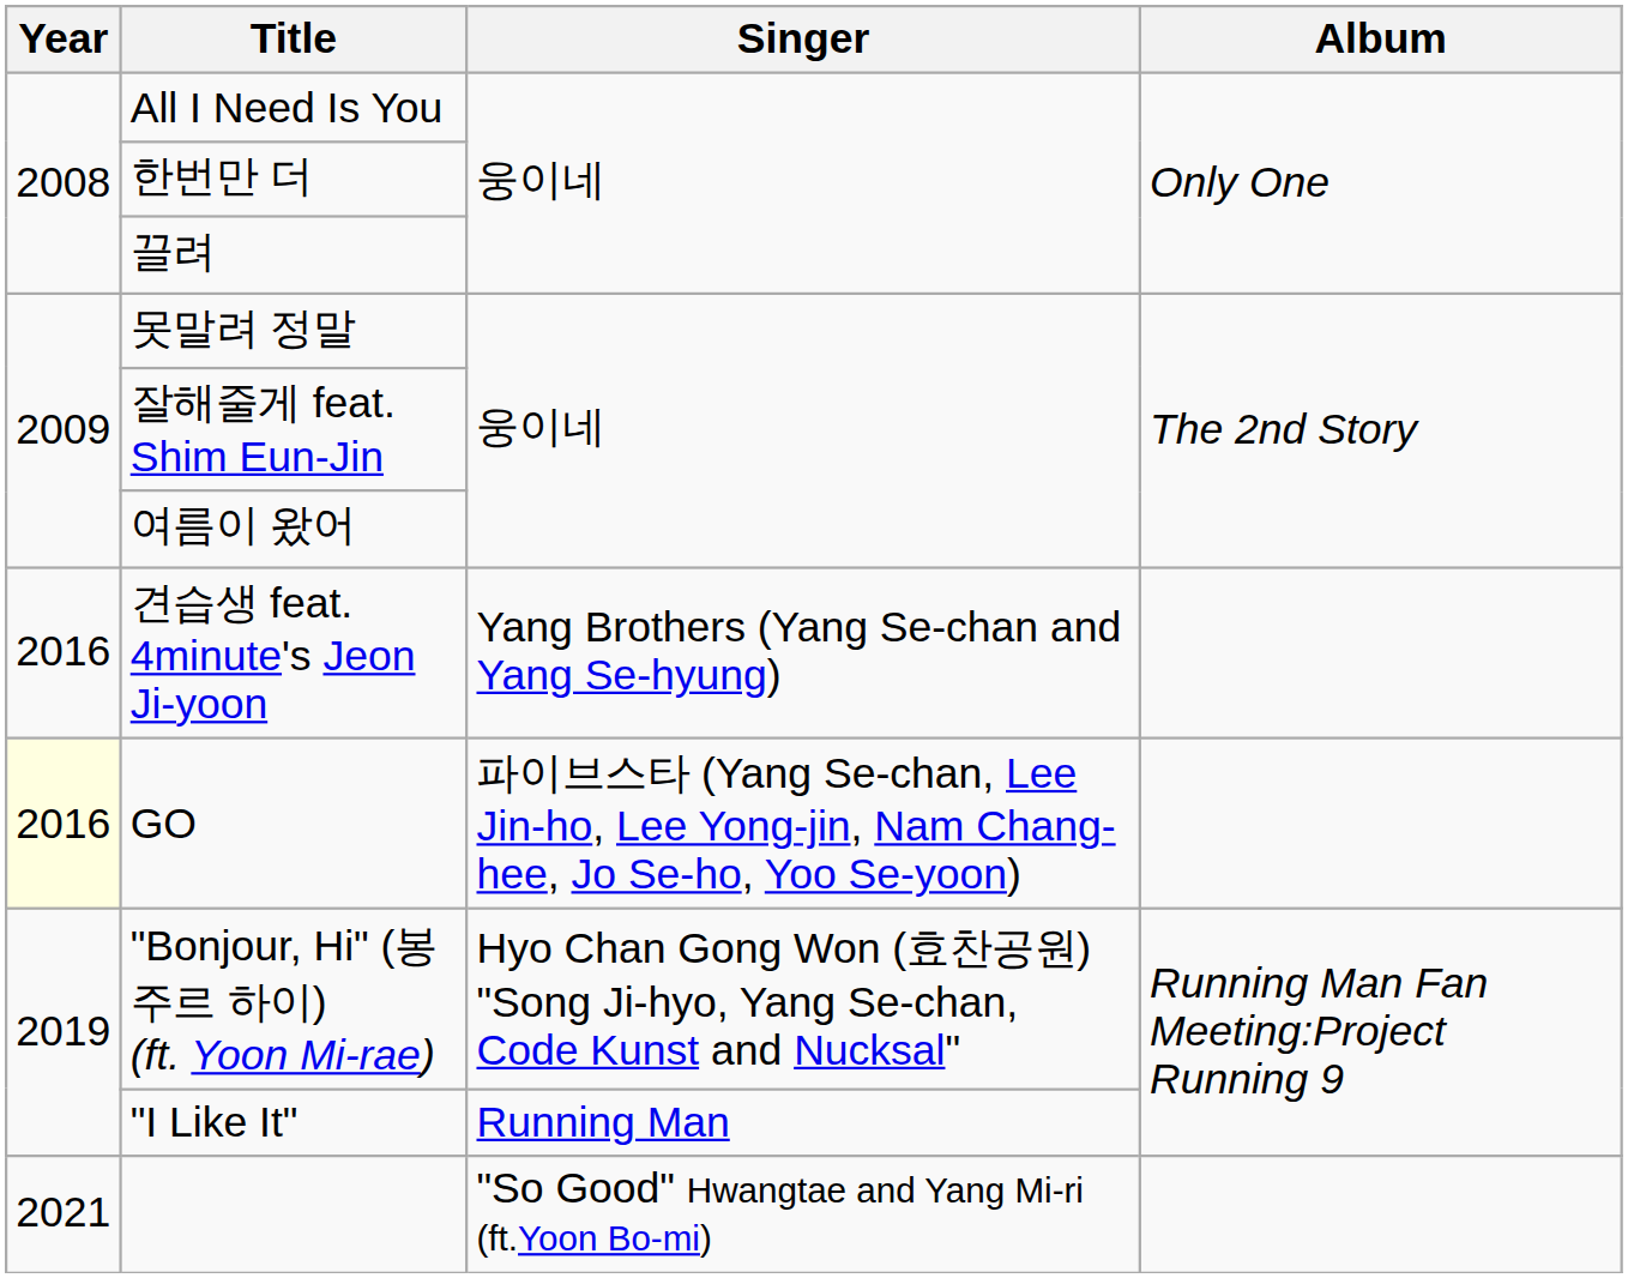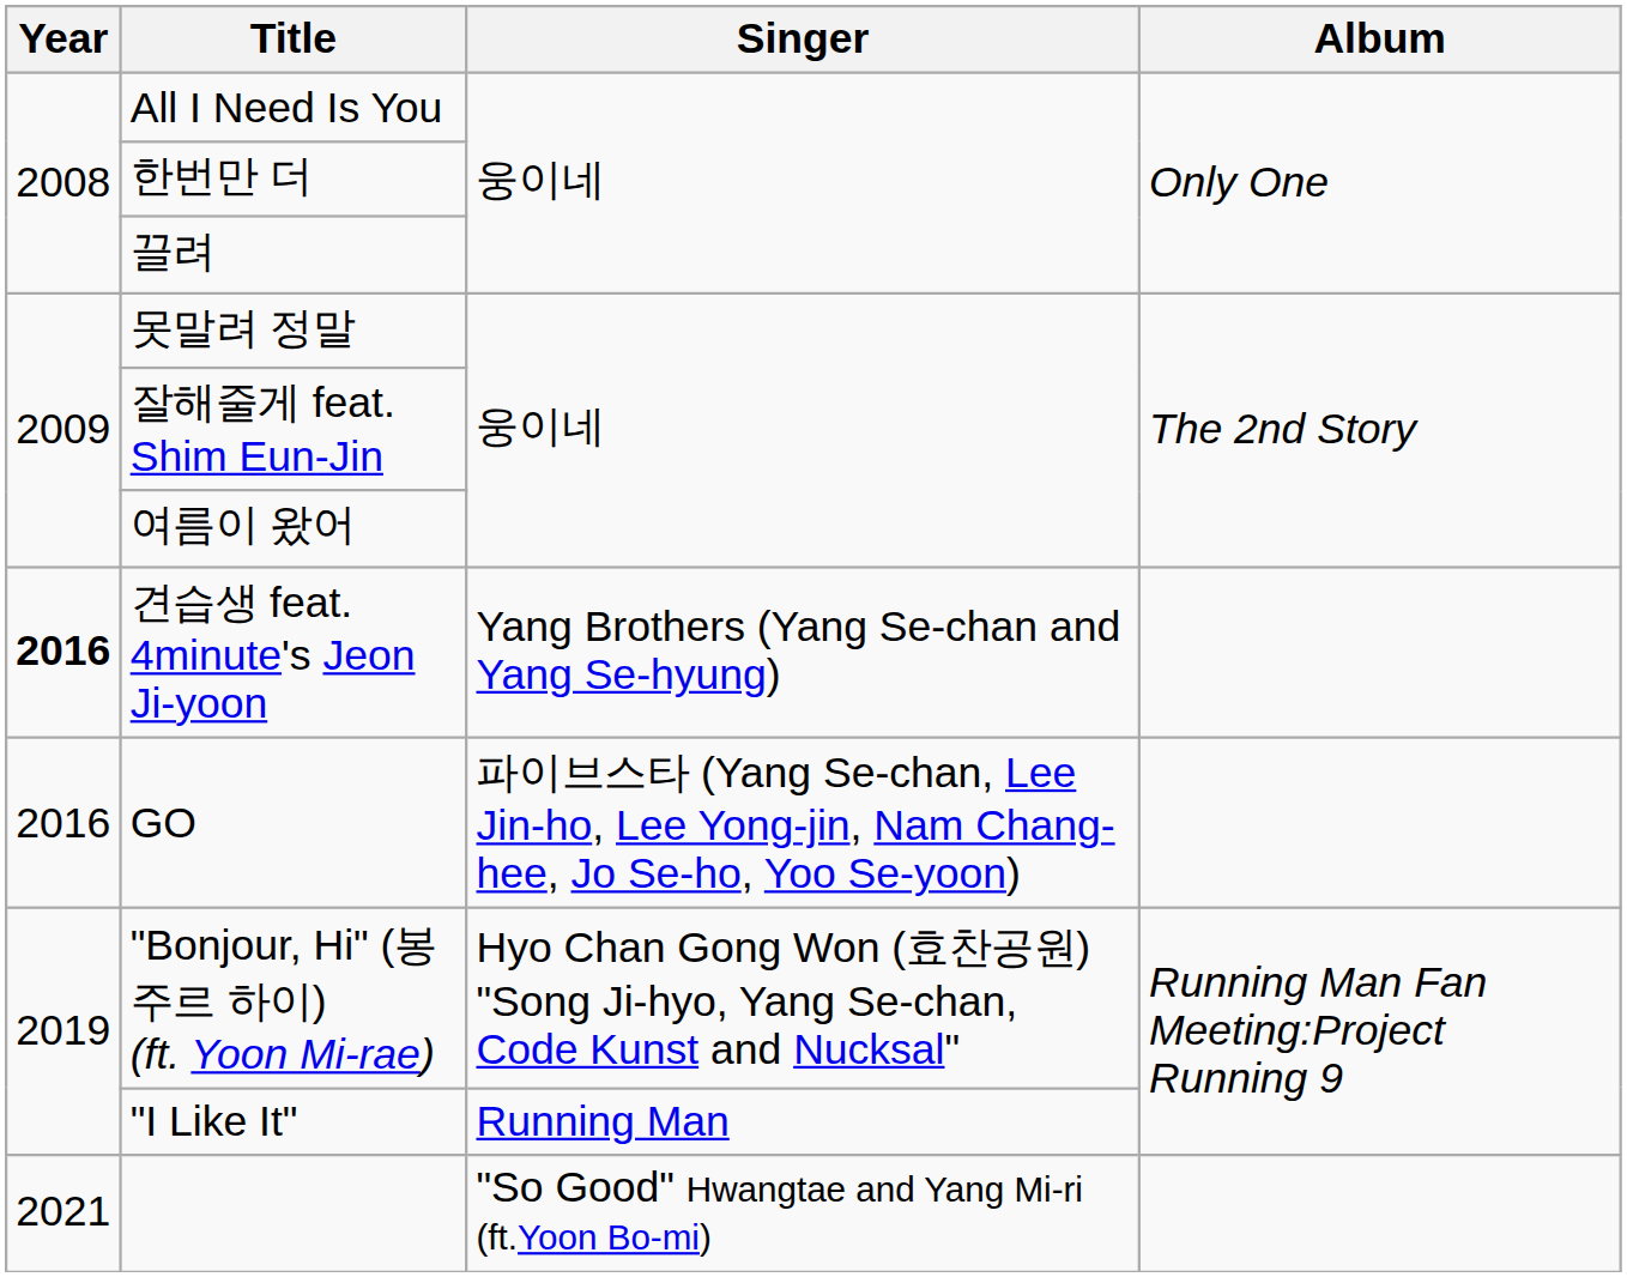 <table class="wikitable">
 <tr>
 <th>Year</th>
 <th>Title</th>
 <th>Singer</th>
 <th>Album</th>
 </tr>
 <tr>
 <td rowspan="3">2008</td>
 <td>All I Need Is You</td>
 <td rowspan="3">웅이네</td>
 <td rowspan="3"><em>Only One</em></td>
 </tr>
 <tr>
 <td>한번만 더</td>
 </tr>
 <tr>
 <td>끌려</td>
 </tr>
 <tr>
 <td rowspan="3">2009</td>
 <td>못말려 정말</td>
 <td rowspan="3">웅이네</td>
 <td rowspan="3"><em>The 2nd Story</em></td>
 </tr>
 <tr>
 <td>잘해줄게 feat. <a href='#'>Shim Eun-Jin</a></td>
 </tr>
 <tr>
 <td>여름이 왔어</td>
 </tr>
 <tr>
-<td>2016</td>
+<td><strong>2016</strong></td>
 <td>견습생 feat. <a href='#'>4minute</a>'s <a href='#'>Jeon Ji-yoon</a></td>
 <td>Yang Brothers (Yang Se-chan and <a href='#'>Yang Se-hyung</a>)</td>
 <td><em></em></td>
 </tr>
 <tr>
-<td style="background: lightyellow;">2016</td>
+<td>2016</td>
 <td>GO</td>
 <td>파이브스타 (Yang Se-chan, <a href='#'>Lee Jin-ho</a>, <a href='#'>Lee Yong-jin</a>, <a href='#'>Nam Chang-hee</a>, <a href='#'>Jo Se-ho</a>, <a href='#'>Yoo Se-yoon</a>)</td>
 <td><em></em></td>
 </tr>
 <tr>
 <td rowspan=2>2019</td>
 <td>"Bonjour, Hi" (봉주르 하이)<br><em>(ft. <a href='#'>Yoon Mi-rae</a>)</em></td>
 <td>Hyo Chan Gong Won (효찬공원)<br>"Song Ji-hyo, Yang Se-chan, <a href='#'>Code Kunst</a> and <a href='#'>Nucksal</a>"</td>
 <td rowspan=2><em>Running Man Fan Meeting:Project Running 9</em></td>
 </tr>
 <tr>
 <td>"I Like It"</td>
 <td><a href='#'>Running Man</a></td>
 </tr>
 <tr>
 <td>2021</td>
 <td></td>
 <td>"So Good"  <small>Hwangtae and Yang Mi-ri (ft.<a href='#'>Yoon Bo-mi</a>)</small></td>
 <td></td>
 </tr>
 </table>
